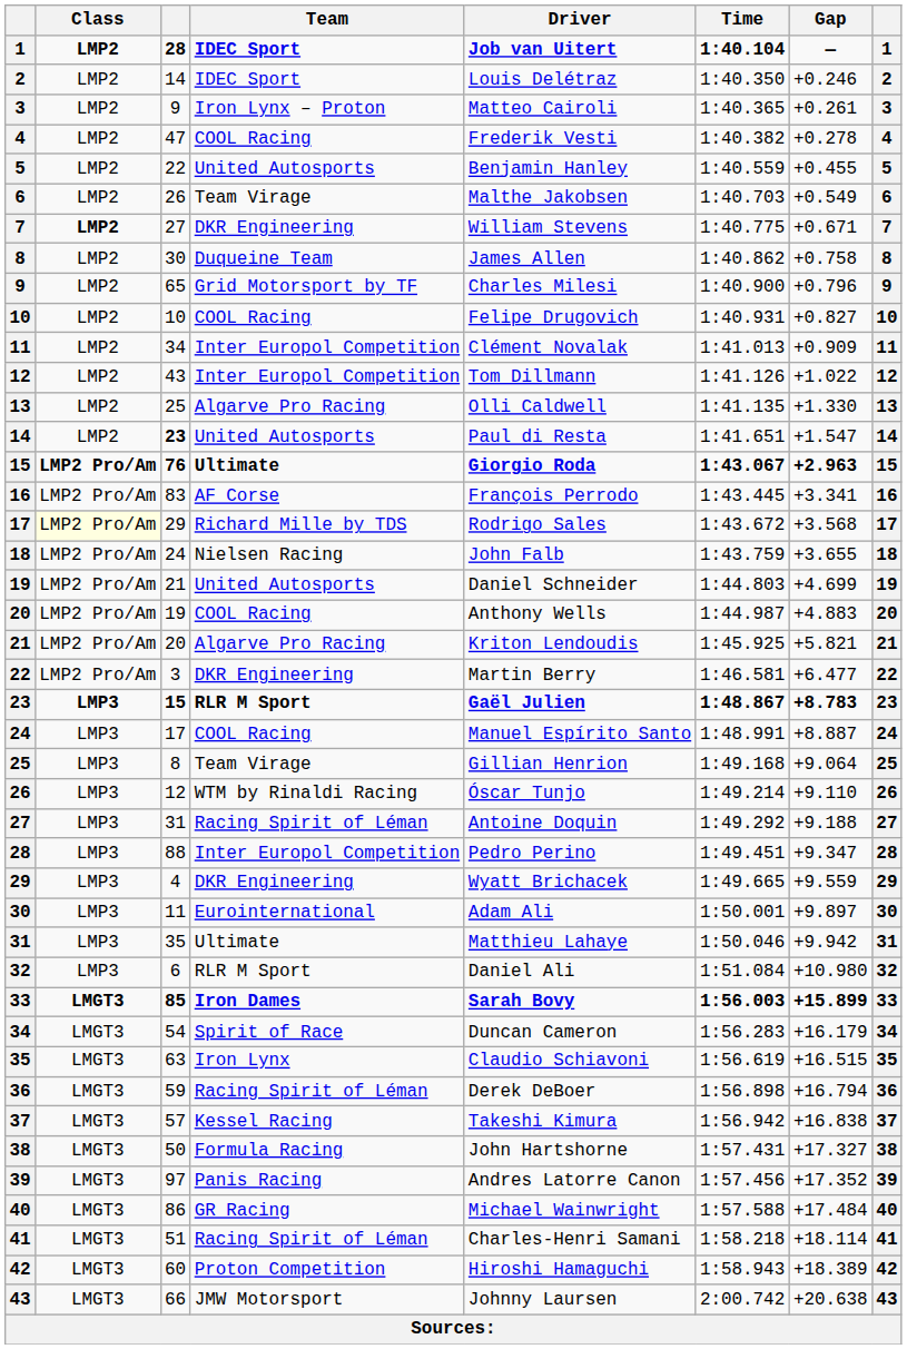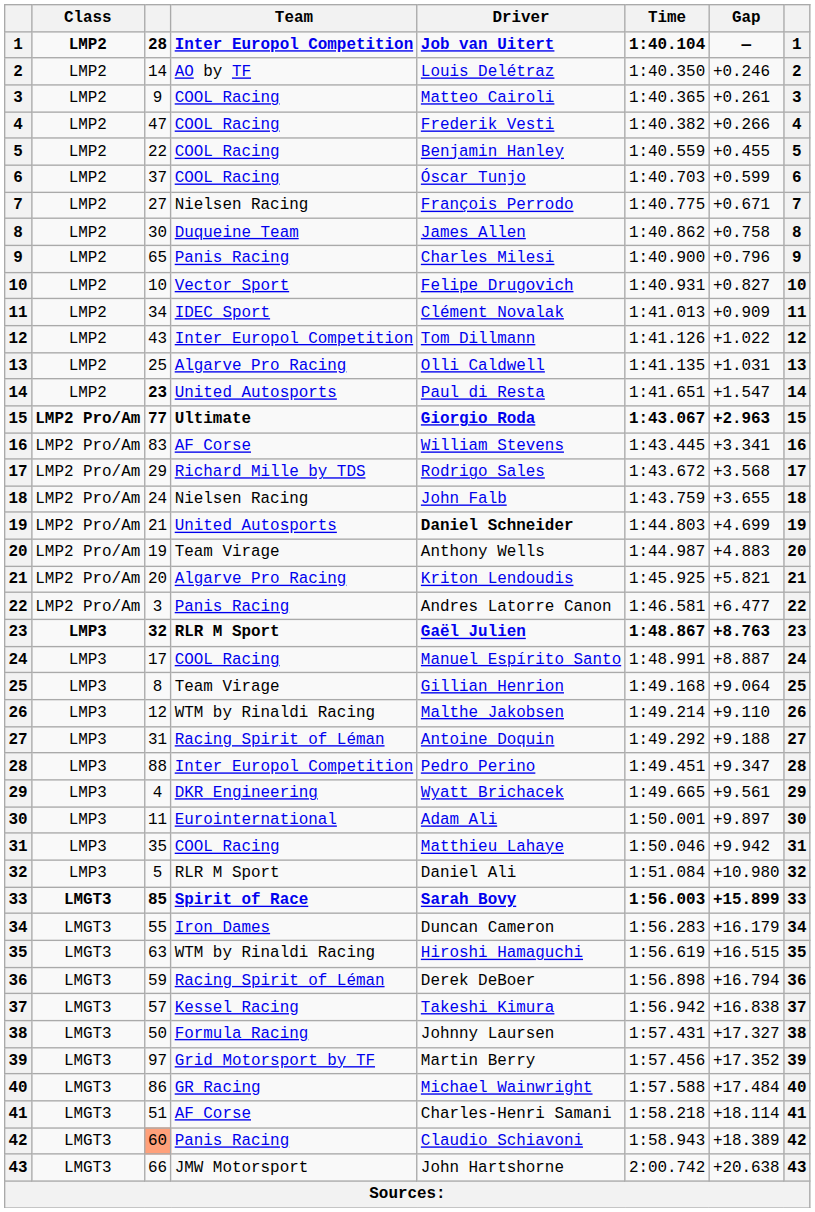 <table class="wikitable sortable" style="font-size: 90%;">
 <tr>
 <th></th>
 <th class="unsortable">Class</th>
 <th class="unsortable"></th>
 <th class="unsortable">Team</th>
 <th class="unsortable">Driver</th>
 <th class="unsortable">Time</th>
 <th class="unsortable">Gap</th>
 <th></th>
 </tr>
 <tr style="font-weight: bold;">
 <th>1</th>
 <td align="center">LMP2</td>
 <td align="center">28</td>
-<td> <a href='#'>IDEC Sport</a></td>
+<td> <a href='#'>Inter Europol Competition</a></td>
 <td> <a href='#'>Job van Uitert</a></td>
 <td>1:40.104</td>
 <td align="center">—</td>
 <th>1</th>
 </tr>
 <tr>
 <th>2</th>
 <td align="center">LMP2</td>
 <td align="center">14</td>
-<td> <a href='#'>IDEC Sport</a></td>
+<td> <a href='#'>AO</a> by <a href='#'>TF</a></td>
 <td> <a href='#'>Louis Delétraz</a></td>
 <td>1:40.350</td>
 <td>+0.246</td>
 <th>2</th>
 </tr>
 <tr>
 <th>3</th>
 <td align="center">LMP2</td>
 <td align="center">9</td>
-<td> <a href='#'>Iron Lynx</a> – <a href='#'>Proton</a></td>
+<td> <a href='#'>COOL Racing</a></td>
 <td> <a href='#'>Matteo Cairoli</a></td>
 <td>1:40.365</td>
 <td>+0.261</td>
 <th>3</th>
 </tr>
 <tr>
 <th>4</th>
 <td align="center">LMP2</td>
 <td align="center">47</td>
 <td> <a href='#'>COOL Racing</a></td>
 <td> <a href='#'>Frederik Vesti</a></td>
 <td>1:40.382</td>
-<td>+0.278</td>
+<td>+0.266</td>
 <th>4</th>
 </tr>
 <tr>
 <th>5</th>
 <td align="center">LMP2</td>
 <td align="center">22</td>
-<td> <a href='#'>United Autosports</a></td>
+<td> <a href='#'>COOL Racing</a></td>
 <td> <a href='#'>Benjamin Hanley</a></td>
 <td>1:40.559</td>
 <td>+0.455</td>
 <th>5</th>
 </tr>
 <tr>
 <th>6</th>
 <td align="center">LMP2</td>
-<td align="center">26</td>
-<td> Team Virage</td>
-<td> <a href='#'>Malthe Jakobsen</a></td>
+<td align="center">37</td>
+<td> <a href='#'>COOL Racing</a></td>
+<td> <a href='#'>Óscar Tunjo</a></td>
 <td>1:40.703</td>
-<td>+0.549</td>
+<td>+0.599</td>
 <th>6</th>
 </tr>
 <tr>
 <th>7</th>
-<td align="center"><strong>LMP2</strong></td>
+<td align="center">LMP2</td>
 <td align="center">27</td>
-<td> <a href='#'>DKR Engineering</a></td>
-<td> <a href='#'>William Stevens</a></td>
+<td> Nielsen Racing</td>
+<td> <a href='#'>François Perrodo</a></td>
 <td>1:40.775</td>
 <td>+0.671</td>
 <th>7</th>
 </tr>
 <tr>
 <th>8</th>
 <td align="center">LMP2</td>
 <td align="center">30</td>
 <td> <a href='#'>Duqueine Team</a></td>
 <td> <a href='#'>James Allen</a></td>
 <td>1:40.862</td>
 <td>+0.758</td>
 <th>8</th>
 </tr>
 <tr>
 <th>9</th>
 <td align="center">LMP2</td>
 <td align="center">65</td>
-<td> <a href='#'>Grid Motorsport by TF</a></td>
+<td> <a href='#'>Panis Racing</a></td>
 <td> <a href='#'>Charles Milesi</a></td>
 <td>1:40.900</td>
 <td>+0.796</td>
 <th>9</th>
 </tr>
 <tr>
 <th>10</th>
 <td align="center">LMP2</td>
 <td align="center">10</td>
-<td> <a href='#'>COOL Racing</a></td>
+<td> <a href='#'>Vector Sport</a></td>
 <td> <a href='#'>Felipe Drugovich</a></td>
 <td>1:40.931</td>
 <td>+0.827</td>
 <th>10</th>
 </tr>
 <tr>
 <th>11</th>
 <td align="center">LMP2</td>
 <td align="center">34</td>
-<td> <a href='#'>Inter Europol Competition</a></td>
+<td> <a href='#'>IDEC Sport</a></td>
 <td> <a href='#'>Clément Novalak</a></td>
 <td>1:41.013</td>
 <td>+0.909</td>
 <th>11</th>
 </tr>
 <tr>
 <th>12</th>
 <td align="center">LMP2</td>
 <td align="center">43</td>
 <td> <a href='#'>Inter Europol Competition</a></td>
 <td> <a href='#'>Tom Dillmann</a></td>
 <td>1:41.126</td>
 <td>+1.022</td>
 <th>12</th>
 </tr>
 <tr>
 <th>13</th>
 <td align="center">LMP2</td>
 <td align="center">25</td>
 <td> <a href='#'>Algarve Pro Racing</a></td>
 <td> <a href='#'>Olli Caldwell</a></td>
 <td>1:41.135</td>
-<td>+1.330</td>
+<td>+1.031</td>
 <th>13</th>
 </tr>
 <tr>
 <th>14</th>
 <td align="center">LMP2</td>
 <td align="center"><strong>23</strong></td>
 <td> <a href='#'>United Autosports</a></td>
 <td> <a href='#'>Paul di Resta</a></td>
 <td>1:41.651</td>
 <td>+1.547</td>
 <th>14</th>
 </tr>
 <tr style="font-weight: bold;">
 <th>15</th>
 <td align="center">LMP2 Pro/Am</td>
-<td align="center">76</td>
+<td align="center">77</td>
 <td> Ultimate</td>
 <td> <a href='#'>Giorgio Roda</a></td>
 <td>1:43.067</td>
 <td>+2.963</td>
 <th>15</th>
 </tr>
 <tr>
 <th>16</th>
 <td align="center">LMP2 Pro/Am</td>
 <td align="center">83</td>
 <td> <a href='#'>AF Corse</a></td>
-<td> <a href='#'>François Perrodo</a></td>
+<td> <a href='#'>William Stevens</a></td>
 <td>1:43.445</td>
 <td>+3.341</td>
 <th>16</th>
 </tr>
 <tr>
 <th>17</th>
-<td align="center" style="background: lightyellow;">LMP2 Pro/Am</td>
+<td align="center">LMP2 Pro/Am</td>
 <td align="center">29</td>
 <td> <a href='#'>Richard Mille by TDS</a></td>
 <td> <a href='#'>Rodrigo Sales</a></td>
 <td>1:43.672</td>
 <td>+3.568</td>
 <th>17</th>
 </tr>
 <tr>
 <th>18</th>
 <td align="center">LMP2 Pro/Am</td>
 <td align="center">24</td>
 <td> Nielsen Racing</td>
 <td> <a href='#'>John Falb</a></td>
 <td>1:43.759</td>
 <td>+3.655</td>
 <th>18</th>
 </tr>
 <tr>
 <th>19</th>
 <td align="center">LMP2 Pro/Am</td>
 <td align="center">21</td>
 <td> <a href='#'>United Autosports</a></td>
-<td> Daniel Schneider</td>
+<td><strong> Daniel Schneider</strong></td>
 <td>1:44.803</td>
 <td>+4.699</td>
 <th>19</th>
 </tr>
 <tr>
 <th>20</th>
 <td align="center">LMP2 Pro/Am</td>
 <td align="center">19</td>
-<td> <a href='#'>COOL Racing</a></td>
+<td> Team Virage</td>
 <td> Anthony Wells</td>
 <td>1:44.987</td>
 <td>+4.883</td>
 <th>20</th>
 </tr>
 <tr>
 <th>21</th>
 <td align="center">LMP2 Pro/Am</td>
 <td align="center">20</td>
 <td> <a href='#'>Algarve Pro Racing</a></td>
 <td> <a href='#'>Kriton Lendoudis</a></td>
 <td>1:45.925</td>
 <td>+5.821</td>
 <th>21</th>
 </tr>
 <tr>
 <th>22</th>
 <td align="center">LMP2 Pro/Am</td>
 <td align="center">3</td>
-<td> <a href='#'>DKR Engineering</a></td>
-<td> Martin Berry</td>
+<td> <a href='#'>Panis Racing</a></td>
+<td> Andres Latorre Canon</td>
 <td>1:46.581</td>
 <td>+6.477</td>
 <th>22</th>
 </tr>
 <tr style="font-weight: bold;">
 <th>23</th>
 <td align="center">LMP3</td>
-<td align="center">15</td>
+<td align="center">32</td>
 <td> RLR M Sport</td>
 <td> <a href='#'>Gaël Julien</a></td>
 <td>1:48.867</td>
-<td>+8.783</td>
+<td>+8.763</td>
 <th>23</th>
 </tr>
 <tr>
 <th>24</th>
 <td align="center">LMP3</td>
 <td align="center">17</td>
 <td> <a href='#'>COOL Racing</a></td>
 <td> <a href='#'>Manuel Espírito Santo</a></td>
 <td>1:48.991</td>
 <td>+8.887</td>
 <th>24</th>
 </tr>
 <tr>
 <th>25</th>
 <td align="center">LMP3</td>
 <td align="center">8</td>
 <td> Team Virage</td>
 <td> <a href='#'>Gillian Henrion</a></td>
 <td>1:49.168</td>
 <td>+9.064</td>
 <th>25</th>
 </tr>
 <tr>
 <th>26</th>
 <td align="center">LMP3</td>
 <td align="center">12</td>
 <td> WTM by Rinaldi Racing</td>
-<td> <a href='#'>Óscar Tunjo</a></td>
+<td> <a href='#'>Malthe Jakobsen</a></td>
 <td>1:49.214</td>
 <td>+9.110</td>
 <th>26</th>
 </tr>
 <tr>
 <th>27</th>
 <td align="center">LMP3</td>
 <td align="center">31</td>
 <td> <a href='#'>Racing Spirit of Léman</a></td>
 <td> <a href='#'>Antoine Doquin</a></td>
 <td>1:49.292</td>
 <td>+9.188</td>
 <th>27</th>
 </tr>
 <tr>
 <th>28</th>
 <td align="center">LMP3</td>
 <td align="center">88</td>
 <td> <a href='#'>Inter Europol Competition</a></td>
 <td> <a href='#'>Pedro Perino</a></td>
 <td>1:49.451</td>
 <td>+9.347</td>
 <th>28</th>
 </tr>
 <tr>
 <th>29</th>
 <td align="center">LMP3</td>
 <td align="center">4</td>
 <td> <a href='#'>DKR Engineering</a></td>
 <td> <a href='#'>Wyatt Brichacek</a></td>
 <td>1:49.665</td>
-<td>+9.559</td>
+<td>+9.561</td>
 <th>29</th>
 </tr>
 <tr>
 <th>30</th>
 <td align="center">LMP3</td>
 <td align="center">11</td>
 <td> <a href='#'>Eurointernational</a></td>
 <td> <a href='#'>Adam Ali</a></td>
 <td>1:50.001</td>
 <td>+9.897</td>
 <th>30</th>
 </tr>
 <tr>
 <th>31</th>
 <td align="center">LMP3</td>
 <td align="center">35</td>
-<td> Ultimate</td>
+<td> <a href='#'>COOL Racing</a></td>
 <td> <a href='#'>Matthieu Lahaye</a></td>
 <td>1:50.046</td>
 <td>+9.942</td>
 <th>31</th>
 </tr>
 <tr>
 <th>32</th>
 <td align="center">LMP3</td>
-<td align="center">6</td>
+<td align="center">5</td>
 <td> RLR M Sport</td>
 <td> Daniel Ali</td>
 <td>1:51.084</td>
 <td>+10.980</td>
 <th>32</th>
 </tr>
 <tr style="font-weight: bold;">
 <th>33</th>
 <td align="center">LMGT3</td>
 <td align="center">85</td>
-<td> <a href='#'>Iron Dames</a></td>
+<td> <a href='#'>Spirit of Race</a></td>
 <td> <a href='#'>Sarah Bovy</a></td>
 <td>1:56.003</td>
 <td>+15.899</td>
 <th>33</th>
 </tr>
 <tr>
 <th>34</th>
 <td align="center">LMGT3</td>
-<td align="center">54</td>
-<td> <a href='#'>Spirit of Race</a></td>
+<td align="center">55</td>
+<td> <a href='#'>Iron Dames</a></td>
 <td> Duncan Cameron</td>
 <td>1:56.283</td>
 <td>+16.179</td>
 <th>34</th>
 </tr>
 <tr>
 <th>35</th>
 <td align="center">LMGT3</td>
 <td align="center">63</td>
-<td> <a href='#'>Iron Lynx</a></td>
-<td> <a href='#'>Claudio Schiavoni</a></td>
+<td> WTM by Rinaldi Racing</td>
+<td> <a href='#'>Hiroshi Hamaguchi</a></td>
 <td>1:56.619</td>
 <td>+16.515</td>
 <th>35</th>
 </tr>
 <tr>
 <th>36</th>
 <td align="center">LMGT3</td>
 <td align="center">59</td>
 <td> <a href='#'>Racing Spirit of Léman</a></td>
 <td> Derek DeBoer</td>
 <td>1:56.898</td>
 <td>+16.794</td>
 <th>36</th>
 </tr>
 <tr>
 <th>37</th>
 <td align="center">LMGT3</td>
 <td align="center">57</td>
 <td> <a href='#'>Kessel Racing</a></td>
 <td> <a href='#'>Takeshi Kimura</a></td>
 <td>1:56.942</td>
 <td>+16.838</td>
 <th>37</th>
 </tr>
 <tr>
 <th>38</th>
 <td align="center">LMGT3</td>
 <td align="center">50</td>
 <td> <a href='#'>Formula Racing</a></td>
-<td> John Hartshorne</td>
+<td> Johnny Laursen</td>
 <td>1:57.431</td>
 <td>+17.327</td>
 <th>38</th>
 </tr>
 <tr>
 <th>39</th>
 <td align="center">LMGT3</td>
 <td align="center">97</td>
-<td> <a href='#'>Panis Racing</a></td>
-<td> Andres Latorre Canon</td>
+<td> <a href='#'>Grid Motorsport by TF</a></td>
+<td> Martin Berry</td>
 <td>1:57.456</td>
 <td>+17.352</td>
 <th>39</th>
 </tr>
 <tr>
 <th>40</th>
 <td align="center">LMGT3</td>
 <td align="center">86</td>
 <td> <a href='#'>GR Racing</a></td>
 <td> <a href='#'>Michael Wainwright</a></td>
 <td>1:57.588</td>
 <td>+17.484</td>
 <th>40</th>
 </tr>
 <tr>
 <th>41</th>
 <td align="center">LMGT3</td>
 <td align="center">51</td>
-<td> <a href='#'>Racing Spirit of Léman</a></td>
+<td> <a href='#'>AF Corse</a></td>
 <td> Charles-Henri Samani</td>
 <td>1:58.218</td>
 <td>+18.114</td>
 <th>41</th>
 </tr>
 <tr>
 <th>42</th>
 <td align="center">LMGT3</td>
-<td align="center">60</td>
-<td> <a href='#'>Proton Competition</a></td>
-<td> <a href='#'>Hiroshi Hamaguchi</a></td>
+<td align="center" style="background: lightsalmon;">60</td>
+<td> <a href='#'>Panis Racing</a></td>
+<td> <a href='#'>Claudio Schiavoni</a></td>
 <td>1:58.943</td>
 <td>+18.389</td>
 <th>42</th>
 </tr>
 <tr>
 <th>43</th>
 <td align="center">LMGT3</td>
 <td align="center">66</td>
 <td> JMW Motorsport</td>
-<td> Johnny Laursen</td>
+<td> John Hartshorne</td>
 <td>2:00.742</td>
 <td>+20.638</td>
 <th>43</th>
 </tr>
 <tr>
 <th colspan="8">Sources:</th>
 </tr>
 <tr>
 </tr>
 </table>
